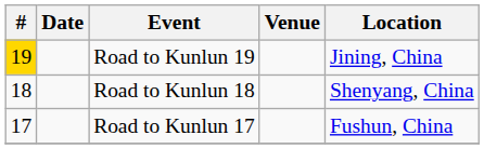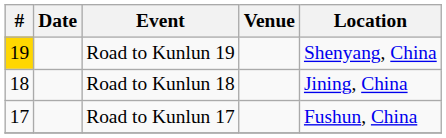 <table class="sortable wikitable succession-box" style="margin:1.0em auto; font-size:90%;">
 <tr>
 <th scope="col">#</th>
 <th scope="col">Date</th>
 <th scope="col">Event</th>
 <th scope="col">Venue</th>
 <th scope="col">Location</th>
 </tr>
 <tr>
 <td style="background: gold; text-align:center">19</td>
 <td></td>
 <td>Road to Kunlun 19</td>
 <td></td>
-<td> <a href='#'>Jining</a>, <a href='#'>China</a></td>
+<td> <a href='#'>Shenyang</a>, <a href='#'>China</a></td>
 </tr>
 <tr>
 <td style="text-align:center">18</td>
 <td></td>
 <td>Road to Kunlun 18</td>
 <td></td>
-<td> <a href='#'>Shenyang</a>, <a href='#'>China</a></td>
+<td> <a href='#'>Jining</a>, <a href='#'>China</a></td>
 </tr>
 <tr>
 <td style="text-align:center">17</td>
 <td></td>
 <td>Road to Kunlun 17</td>
 <td></td>
 <td> <a href='#'>Fushun</a>, <a href='#'>China</a></td>
 </tr>
 <tr>
 </tr>
 </table>
